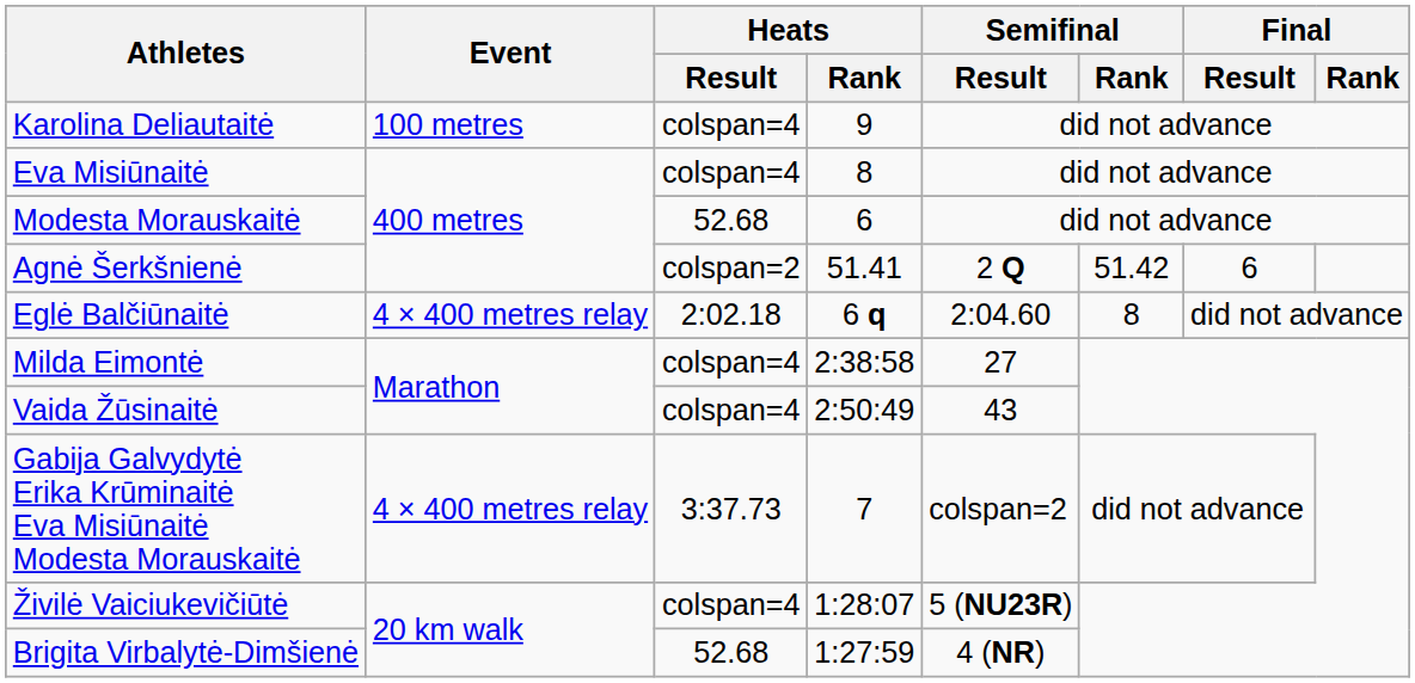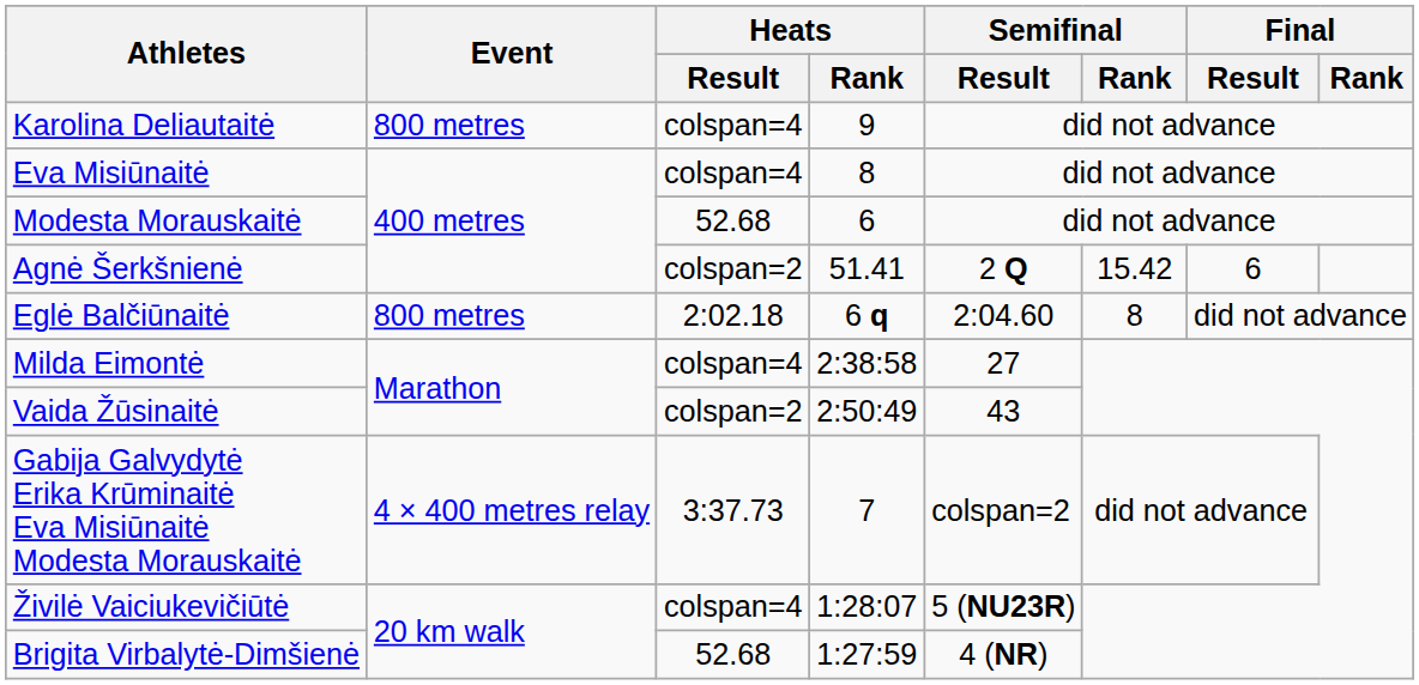 <table class="wikitable" border="1" style="font-size:90%">
 <tr>
 <th rowspan="2">Athletes</th>
 <th rowspan="2">Event</th>
 <th colspan="2">Heats</th>
 <th colspan="2">Semifinal</th>
 <th colspan="2">Final</th>
 </tr>
 <tr>
 <th>Result</th>
 <th>Rank</th>
 <th>Result</th>
 <th>Rank</th>
 <th>Result</th>
 <th>Rank</th>
 </tr>
 <tr>
 <td><a href='#'>Karolina Deliautaitė</a></td>
-<td><a href='#'>100 metres</a></td>
+<td><a href='#'>800 metres</a></td>
 <td>colspan=4</td>
 <td align=center>9</td>
 <td align=center align=center colspan=4>did not advance</td>
 </tr>
 <tr>
 <td><a href='#'>Eva Misiūnaitė</a></td>
 <td rowspan=3><a href='#'>400 metres</a></td>
 <td>colspan=4</td>
 <td align=center>8</td>
 <td align=center colspan=4>did not advance</td>
 </tr>
 <tr>
 <td><a href='#'>Modesta Morauskaitė</a></td>
 <td align=center>52.68</td>
 <td align=center>6</td>
 <td align=center align=center colspan=4>did not advance</td>
 </tr>
 <tr>
 <td><a href='#'>Agnė Šerkšnienė</a></td>
 <td>colspan=2</td>
 <td align=center>51.41</td>
 <td align=center>2 <strong>Q</strong></td>
-<td align=center>51.42</td>
+<td align=center>15.42</td>
 <td align=center>6</td>
 </tr>
 <tr>
 <td><a href='#'>Eglė Balčiūnaitė</a></td>
-<td><a href='#'>4 × 400 metres relay</a></td>
+<td><a href='#'>800 metres</a></td>
 <td align=center>2:02.18 <strong></strong></td>
 <td align=center>6 <strong>q</strong></td>
 <td align=center>2:04.60</td>
 <td align=center>8</td>
 <td align=center align=center colspan=2>did not advance</td>
 </tr>
 <tr>
 <td><a href='#'>Milda Eimontė</a></td>
 <td rowspan=2><a href='#'>Marathon</a></td>
 <td>colspan=4</td>
 <td align=center>2:38:58</td>
 <td align=center>27</td>
 </tr>
 <tr>
 <td><a href='#'>Vaida Žūsinaitė</a></td>
-<td>colspan=4</td>
+<td>colspan=2</td>
 <td align=center>2:50:49</td>
 <td align=center>43</td>
 </tr>
 <tr>
 <td><a href='#'>Gabija Galvydytė</a><br><a href='#'>Erika Krūminaitė</a><br><a href='#'>Eva Misiūnaitė</a><br><a href='#'>Modesta Morauskaitė</a></td>
 <td><a href='#'>4 × 400 metres relay</a></td>
 <td align=center>3:37.73</td>
 <td align=center>7</td>
 <td>colspan=2</td>
 <td align=center align=center colspan=2>did not advance</td>
 </tr>
 <tr>
 <td><a href='#'>Živilė Vaiciukevičiūtė</a></td>
 <td rowspan=2><a href='#'>20 km walk</a></td>
 <td>colspan=4</td>
 <td align=center>1:28:07</td>
 <td align=center>5 (<strong>NU23R</strong>)</td>
 </tr>
 <tr>
 <td><a href='#'>Brigita Virbalytė-Dimšienė</a></td>
 <td align=center>52.68</td>
 <td align=center>1:27:59</td>
 <td align=center>4 (<strong>NR</strong>)</td>
 </tr>
 </table>
